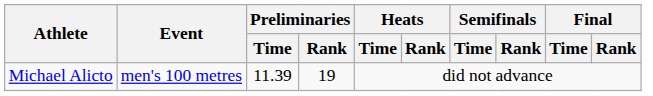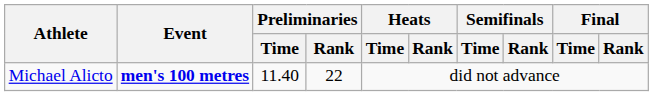 <table class=wikitable style="font-size:90%;">
 <tr>
 <th rowspan=2>Athlete</th>
 <th rowspan=2>Event</th>
 <th colspan=2>Preliminaries</th>
 <th colspan=2>Heats</th>
 <th colspan=2>Semifinals</th>
 <th colspan=2>Final</th>
 </tr>
 <tr>
 <th>Time</th>
 <th>Rank</th>
 <th>Time</th>
 <th>Rank</th>
 <th>Time</th>
 <th>Rank</th>
 <th>Time</th>
 <th>Rank</th>
 </tr>
 <tr>
 <td><a href='#'>Michael Alicto</a></td>
-<td><a href='#'>men's 100 metres</a></td>
-<td align="center">11.39</td>
-<td align="center">19</td>
+<td><strong><a href='#'>men's 100 metres</a></strong></td>
+<td align="center">11.40</td>
+<td align="center">22</td>
 <td align="center" colspan=6>did not advance</td>
 </tr>
 </table>
